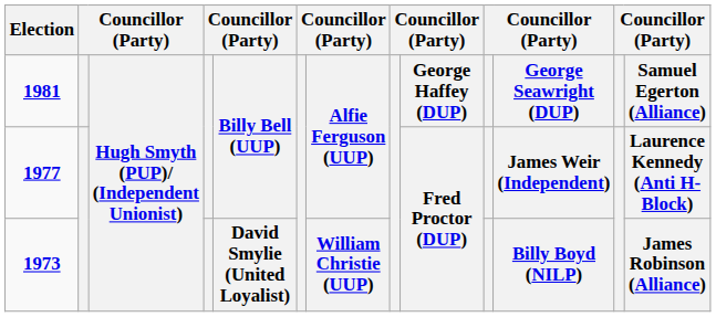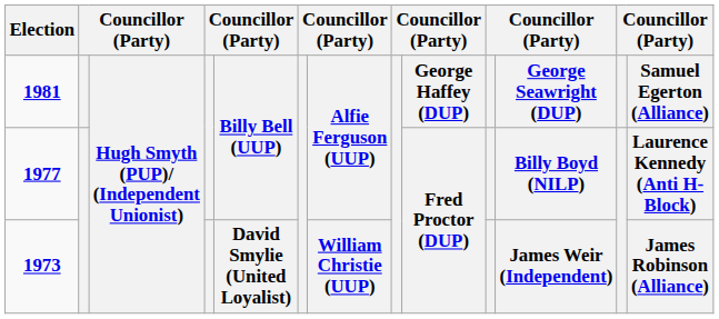 <table class="wikitable" style="text-align:center">
 <tr>
 <th scope="col" width="50">Election</th>
 <th scope="col" width="150" colspan = "2">Councillor<br> (Party)</th>
 <th scope="col" width="150" colspan = "2">Councillor<br> (Party)</th>
 <th scope="col" width="150" colspan = "2">Councillor<br> (Party)</th>
 <th scope="col" width="150" colspan = "2">Councillor<br> (Party)</th>
 <th scope="col" width="150" colspan = "2">Councillor<br> (Party)</th>
 <th scope="col" width="150" colspan = "2">Councillor<br> (Party)</th>
 </tr>
 <tr>
 <td><strong><a href='#'>1981</a></strong></td>
 <th rowspan="1" width="1" style="background-color: "></th>
 <th rowspan = "3"><a href='#'>Hugh Smyth</a> <br> (<a href='#'>PUP</a>)/ <br> (<a href='#'>Independent Unionist</a>)</th>
 <th rowspan="2" width="1" style="background-color: "></th>
 <th rowspan = "2"><a href='#'>Billy Bell</a> <br> (<a href='#'>UUP</a>)</th>
 <th rowspan="3" width="1" style="background-color: "></th>
 <th rowspan = "2"><a href='#'>Alfie Ferguson</a> <br> (<a href='#'>UUP</a>)</th>
 <th rowspan="3" width="1" style="background-color: "></th>
 <th rowspan = "1">George Haffey <br> (<a href='#'>DUP</a>)</th>
 <th rowspan="1" width="1" style="background-color: "></th>
 <th rowspan = "1"><a href='#'>George Seawright</a> <br> (<a href='#'>DUP</a>)</th>
 <th rowspan="1" width="1" style="background-color: "></th>
 <th rowspan = "1">Samuel Egerton <br> (<a href='#'>Alliance</a>)</th>
 </tr>
 <tr>
 <td><strong><a href='#'>1977</a></strong></td>
 <th rowspan="2" width="1" style="background-color: "></th>
 <th rowspan = "2">Fred Proctor <br> (<a href='#'>DUP</a>)</th>
 <th rowspan="1" width="1" style="background-color: "></th>
-<th rowspan = "1">James Weir <br> (<a href='#'>Independent</a>)</th>
+<th rowspan = "1"><a href='#'>Billy Boyd</a> <br> (<a href='#'>NILP</a>)</th>
 <th rowspan="2" width="1" style="background-color: "></th>
 <th rowspan = "1">Laurence Kennedy <br> (<a href='#'>Anti H-Block</a>)</th>
 </tr>
 <tr>
 <td><strong><a href='#'>1973</a></strong></td>
 <th rowspan="1" width="1" style="background-color: "></th>
 <th rowspan = "1">David Smylie <br> (United Loyalist)</th>
 <th rowspan = "1"><a href='#'>William Christie</a> <br> (<a href='#'>UUP</a>)</th>
 <th rowspan="1" width="1" style="background-color: "></th>
-<th rowspan = "1"><a href='#'>Billy Boyd</a> <br> (<a href='#'>NILP</a>)</th>
+<th rowspan = "1">James Weir <br> (<a href='#'>Independent</a>)</th>
 <th rowspan = "1">James Robinson <br> (<a href='#'>Alliance</a>)</th>
 </tr>
 </table>
